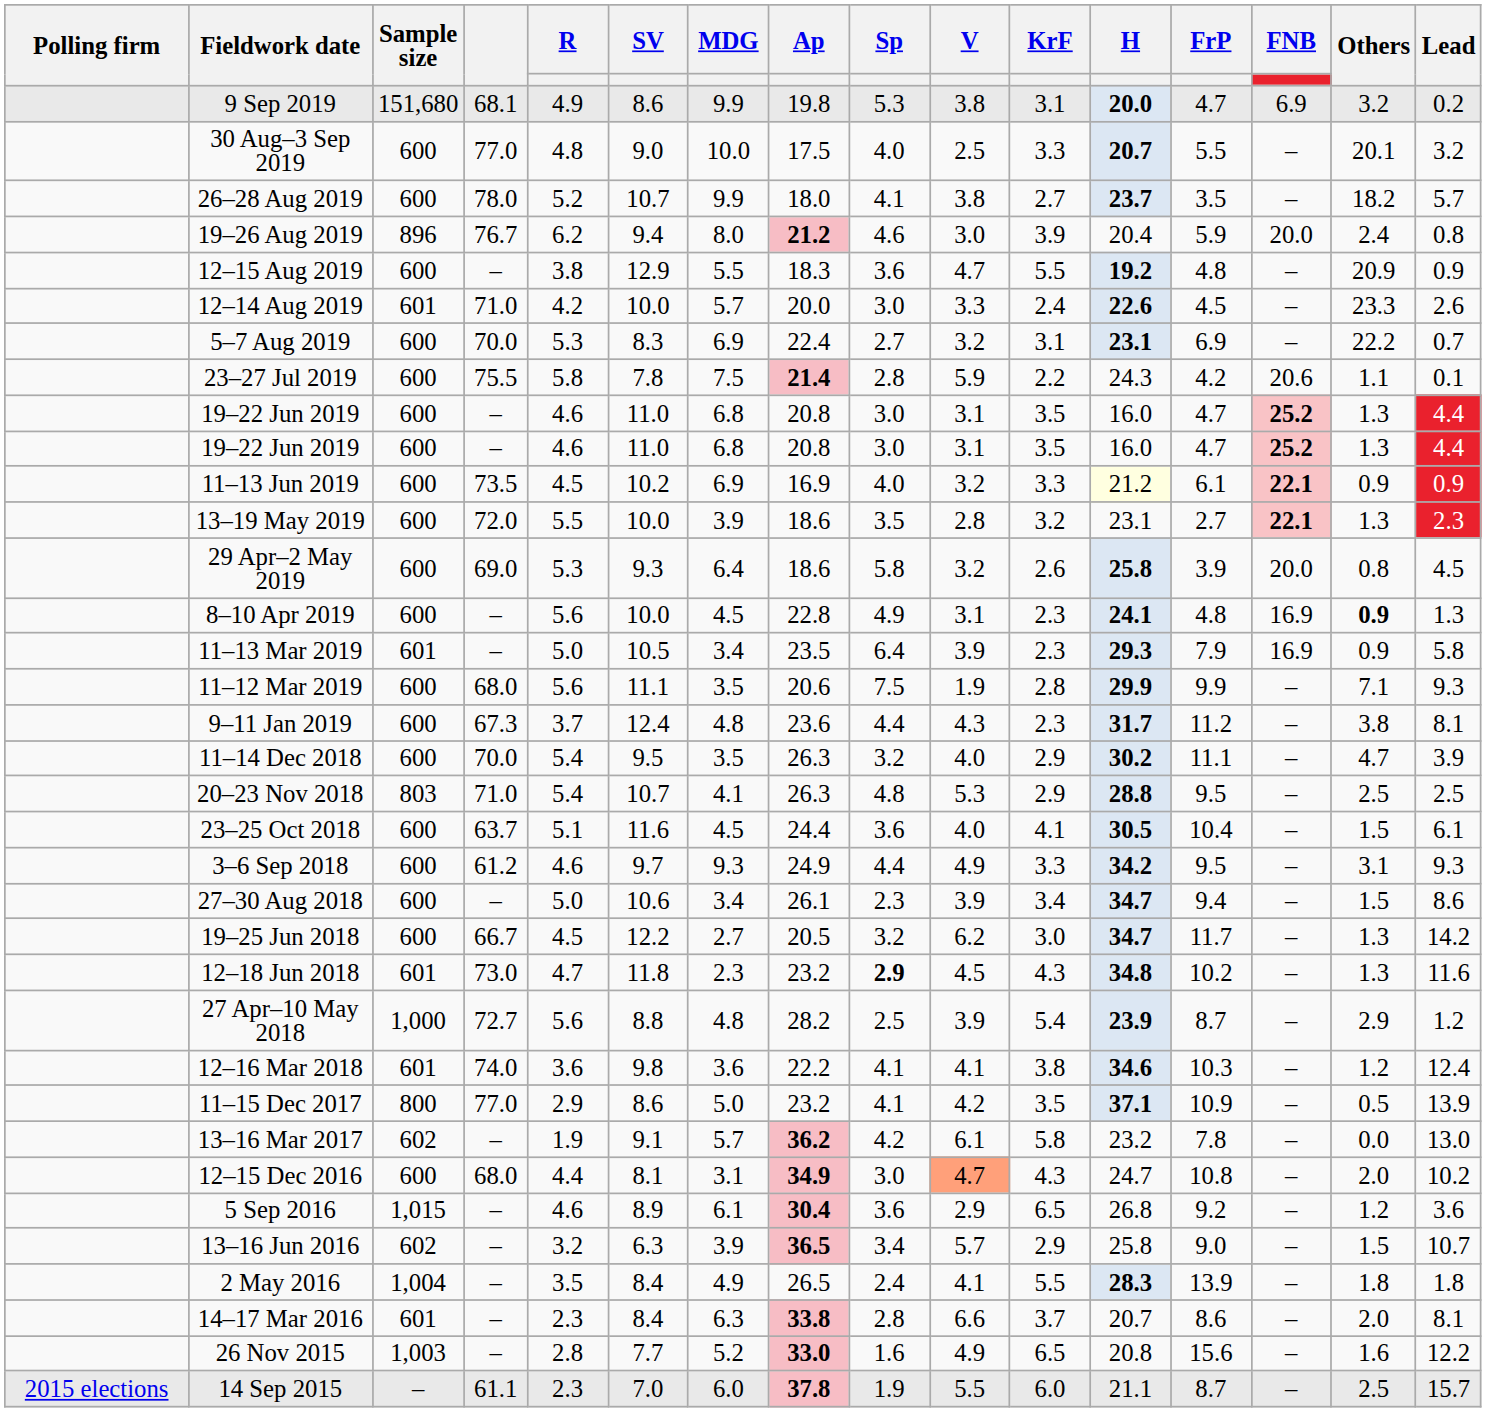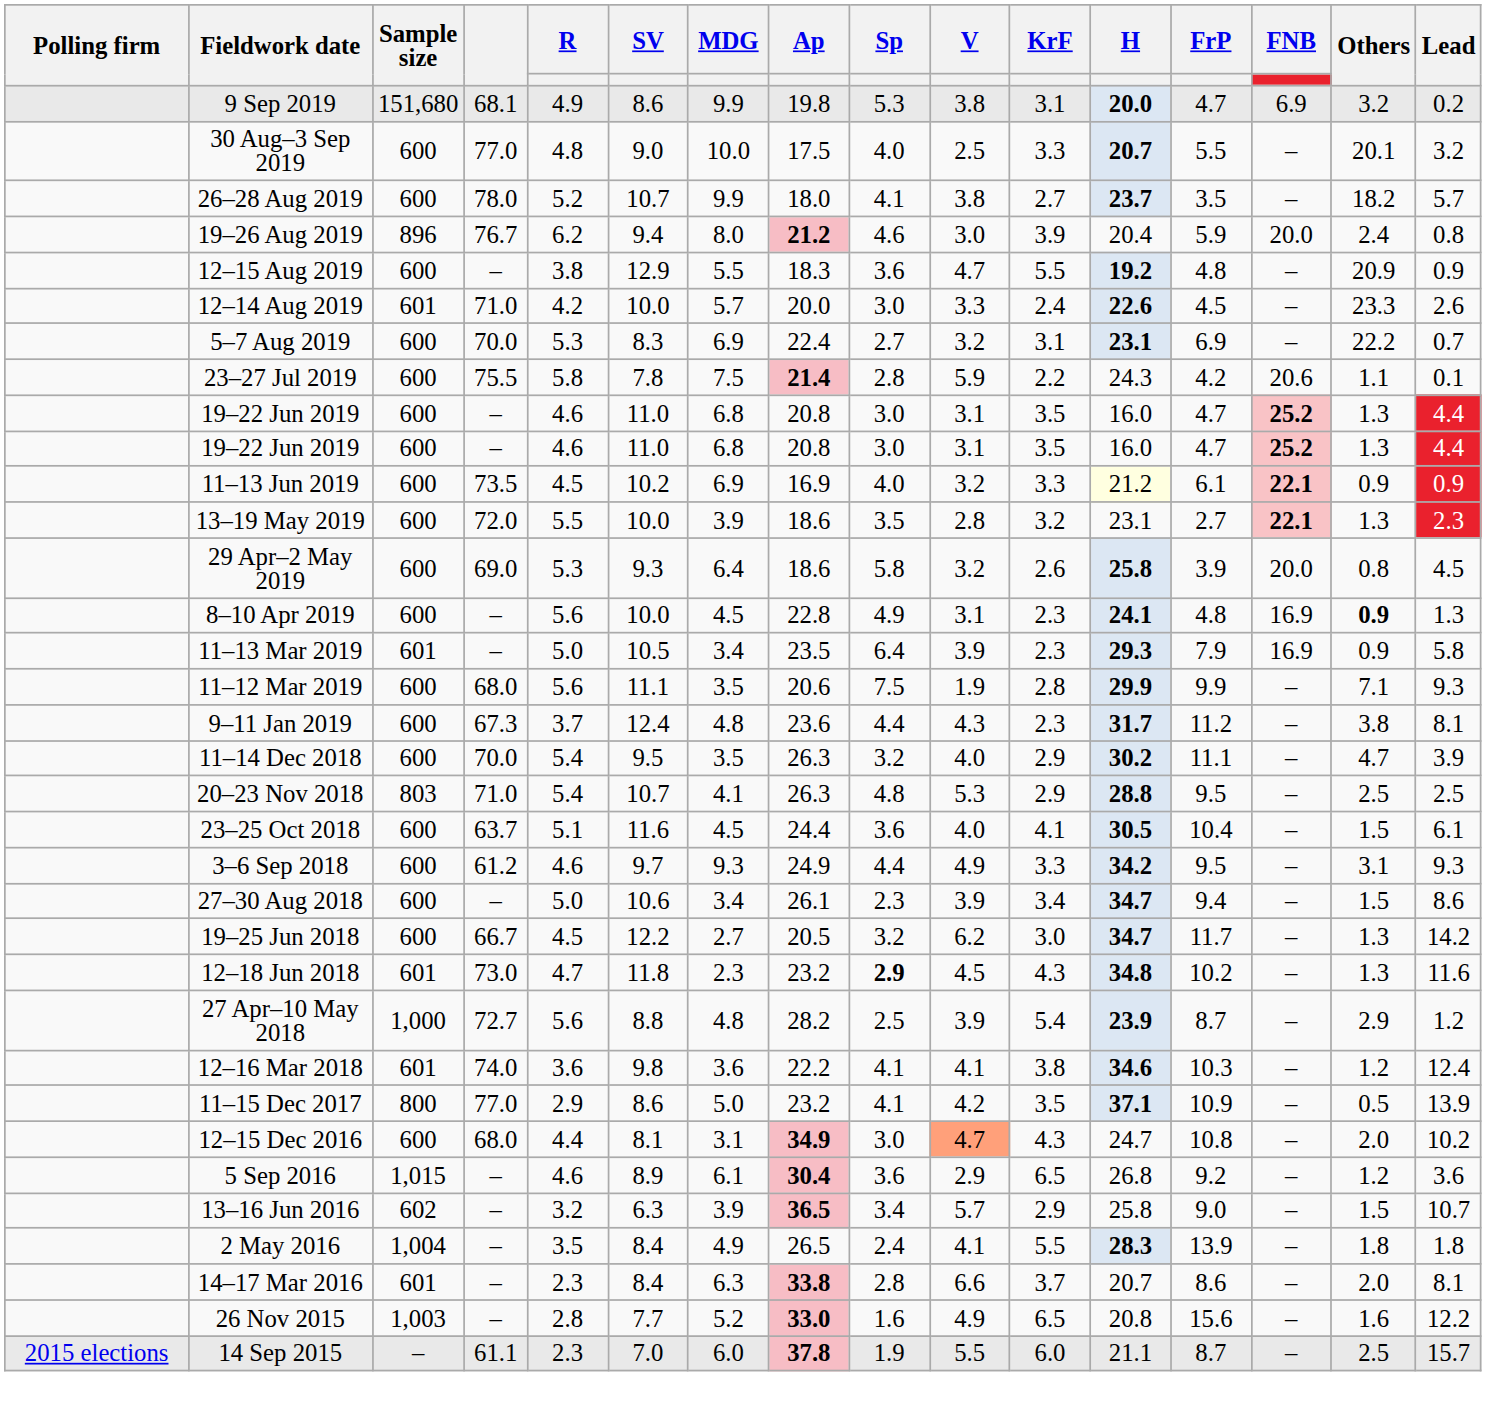 <table class="wikitable sortable" style="text-align:center;font-size:90%;line-height:14px;">
 <tr style="height:40px;">
 <th style="width:100px;" rowspan="2">Polling firm</th>
 <th style="width:100px;" rowspan="2">Fieldwork date</th>
 <th style="width:35px;" rowspan="2">Sample<br>size</th>
 <th style="width:30px;" rowspan="2"></th>
 <th class="unsortable" style="width:40px;"><a href='#'>R</a></th>
 <th class="unsortable" style="width:40px;"><a href='#'>SV</a></th>
 <th class="unsortable" style="width:40px;"><a href='#'>MDG</a></th>
 <th class="unsortable" style="width:40px;"><a href='#'>Ap</a></th>
 <th class="unsortable" style="width:40px;"><a href='#'>Sp</a></th>
 <th class="unsortable" style="width:40px;"><a href='#'>V</a></th>
 <th class="unsortable" style="width:40px;"><a href='#'>KrF</a></th>
 <th class="unsortable" style="width:40px;"><a href='#'>H</a></th>
 <th class="unsortable" style="width:40px;"><a href='#'>FrP</a></th>
 <th class="unsortable" style="width:40px;"><a href='#'>FNB</a></th>
 <th class="unsortable" style="width:30px;" rowspan="2">Others</th>
 <th style="width:30px;" rowspan="2">Lead</th>
 </tr>
 <tr>
 <th style="background:"></th>
 <th style="background:"></th>
 <th style="background:"></th>
 <th style="background:"></th>
 <th style="background:"></th>
 <th style="background:"></th>
 <th style="background:"></th>
 <th style="background:"></th>
 <th style="background:"></th>
 <th style="background:#EA212D;"></th>
 </tr>
 <tr style="background:#E9E9E9;">
 <td></td>
 <td data-sort-value="2015-09-09">9 Sep 2019</td>
 <td>151,680</td>
 <td>68.1</td>
 <td>4.9</td>
 <td>8.6</td>
 <td>9.9</td>
 <td>19.8</td>
 <td>5.3</td>
 <td>3.8</td>
 <td>3.1</td>
 <td style="background:#DCE7F3;"><strong>20.0</strong></td>
 <td>4.7</td>
 <td>6.9</td>
 <td>3.2</td>
 <td style="background:">0.2</td>
 </tr>
 <tr>
 <td></td>
 <td data-sort-value="2019-09-04">30 Aug–3 Sep 2019</td>
 <td>600</td>
 <td>77.0</td>
 <td>4.8</td>
 <td>9.0</td>
 <td>10.0</td>
 <td>17.5</td>
 <td>4.0</td>
 <td>2.5</td>
 <td>3.3</td>
 <td style="background:#DCE7F3;"><strong>20.7</strong></td>
 <td>5.5</td>
 <td>–</td>
 <td>20.1</td>
 <td style="background:">3.2</td>
 </tr>
 <tr>
 <td></td>
 <td data-sort-value="2019-08-29">26–28 Aug 2019</td>
 <td>600</td>
 <td>78.0</td>
 <td>5.2</td>
 <td>10.7</td>
 <td>9.9</td>
 <td>18.0</td>
 <td>4.1</td>
 <td>3.8</td>
 <td>2.7</td>
 <td style="background:#DCE7F3;"><strong>23.7</strong></td>
 <td>3.5</td>
 <td>–</td>
 <td>18.2</td>
 <td style="background:">5.7</td>
 </tr>
 <tr>
 <td></td>
 <td data-sort-value="2019-08-27">19–26 Aug 2019</td>
 <td>896</td>
 <td>76.7</td>
 <td>6.2</td>
 <td>9.4</td>
 <td>8.0</td>
 <td style="background:#F7BDC5;"><strong>21.2</strong></td>
 <td>4.6</td>
 <td>3.0</td>
 <td>3.9</td>
 <td>20.4</td>
 <td>5.9</td>
 <td>20.0</td>
 <td>2.4</td>
 <td style="background:">0.8</td>
 </tr>
 <tr>
 <td></td>
 <td data-sort-value="2019-08-21">12–15 Aug 2019</td>
 <td>600</td>
 <td>–</td>
 <td>3.8</td>
 <td>12.9</td>
 <td>5.5</td>
 <td>18.3</td>
 <td>3.6</td>
 <td>4.7</td>
 <td>5.5</td>
 <td style="background:#DCE7F3;"><strong>19.2</strong></td>
 <td>4.8</td>
 <td>–</td>
 <td>20.9</td>
 <td style="background:">0.9</td>
 </tr>
 <tr>
 <td></td>
 <td data-sort-value="2019-08-15">12–14 Aug 2019</td>
 <td>601</td>
 <td>71.0</td>
 <td>4.2</td>
 <td>10.0</td>
 <td>5.7</td>
 <td>20.0</td>
 <td>3.0</td>
 <td>3.3</td>
 <td>2.4</td>
 <td style="background:#DCE7F3;"><strong>22.6</strong></td>
 <td>4.5</td>
 <td>–</td>
 <td>23.3</td>
 <td style="background:">2.6</td>
 </tr>
 <tr>
 <td></td>
 <td data-sort-value="2019-08-08">5–7 Aug 2019</td>
 <td>600</td>
 <td>70.0</td>
 <td>5.3</td>
 <td>8.3</td>
 <td>6.9</td>
 <td>22.4</td>
 <td>2.7</td>
 <td>3.2</td>
 <td>3.1</td>
 <td style="background:#DCE7F3;"><strong>23.1</strong></td>
 <td>6.9</td>
 <td>–</td>
 <td>22.2</td>
 <td style="background:">0.7</td>
 </tr>
 <tr>
 <td></td>
 <td data-sort-value="2019-07-31">23–27 Jul 2019</td>
 <td>600</td>
 <td>75.5</td>
 <td>5.8</td>
 <td>7.8</td>
 <td>7.5</td>
 <td style="background:#F7BDC5;"><strong>21.4</strong></td>
 <td>2.8</td>
 <td>5.9</td>
 <td>2.2</td>
 <td>24.3</td>
 <td>4.2</td>
 <td>20.6</td>
 <td>1.1</td>
 <td style="background:">0.1</td>
 </tr>
 <tr>
 <td></td>
 <td data-sort-value="2019-06-22">19–22 Jun 2019</td>
 <td>600</td>
 <td>–</td>
 <td>4.6</td>
 <td>11.0</td>
 <td>6.8</td>
 <td>20.8</td>
 <td>3.0</td>
 <td>3.1</td>
 <td>3.5</td>
 <td>16.0</td>
 <td>4.7</td>
 <td style="background:#F9C3C6;"><strong>25.2</strong></td>
 <td>1.3</td>
 <td style="background:#EA212D;color:#FFFFFF;" data-sort-value="-4.4">4.4</td>
 </tr>
 <tr>
 <td></td>
 <td data-sort-value="2019-06-22">19–22 Jun 2019</td>
 <td>600</td>
 <td>–</td>
 <td>4.6</td>
 <td>11.0</td>
 <td>6.8</td>
 <td>20.8</td>
 <td>3.0</td>
 <td>3.1</td>
 <td>3.5</td>
 <td>16.0</td>
 <td>4.7</td>
 <td style="background:#F9C3C6;"><strong>25.2</strong></td>
 <td>1.3</td>
 <td style="background:#EA212D;color:#FFFFFF;" data-sort-value="-4.4">4.4</td>
 </tr>
 <tr>
 <td></td>
 <td data-sort-value="2019-06-13">11–13 Jun 2019</td>
 <td>600</td>
 <td>73.5</td>
 <td>4.5</td>
 <td>10.2</td>
 <td>6.9</td>
 <td>16.9</td>
 <td>4.0</td>
 <td>3.2</td>
 <td>3.3</td>
 <td style="background: lightyellow;">21.2</td>
 <td>6.1</td>
 <td style="background:#F9C3C6;"><strong>22.1</strong></td>
 <td>0.9</td>
 <td style="background:#EA212D;color:#FFFFFF;" data-sort-value="-0.9">0.9</td>
 </tr>
 <tr>
 <td></td>
 <td data-sort-value="2019-05-19">13–19 May 2019</td>
 <td>600</td>
 <td>72.0</td>
 <td>5.5</td>
 <td>10.0</td>
 <td>3.9</td>
 <td>18.6</td>
 <td>3.5</td>
 <td>2.8</td>
 <td>3.2</td>
 <td>23.1</td>
 <td>2.7</td>
 <td style="background:#F9C3C6;"><strong>22.1</strong></td>
 <td>1.3</td>
 <td style="background:#EA212D;color:#FFFFFF;" data-sort-value="-2.3">2.3</td>
 </tr>
 <tr>
 <td></td>
 <td data-sort-value="2019-05-02">29 Apr–2 May 2019</td>
 <td>600</td>
 <td>69.0</td>
 <td>5.3</td>
 <td>9.3</td>
 <td>6.4</td>
 <td>18.6</td>
 <td>5.8</td>
 <td>3.2</td>
 <td>2.6</td>
 <td style="background:#DCE7F3;"><strong>25.8</strong></td>
 <td>3.9</td>
 <td>20.0</td>
 <td>0.8</td>
 <td style="background:">4.5</td>
 </tr>
 <tr>
 <td></td>
 <td data-sort-value="2019-04-10">8–10 Apr 2019</td>
 <td>600</td>
 <td>–</td>
 <td>5.6</td>
 <td>10.0</td>
 <td>4.5</td>
 <td>22.8</td>
 <td>4.9</td>
 <td>3.1</td>
 <td>2.3</td>
 <td style="background:#DCE7F3;"><strong>24.1</strong></td>
 <td>4.8</td>
 <td>16.9</td>
 <td><strong>0.9</strong></td>
 <td style="background:">1.3</td>
 </tr>
 <tr>
 <td></td>
 <td data-sort-value="2019-03-13">11–13 Mar 2019</td>
 <td>601</td>
 <td>–</td>
 <td>5.0</td>
 <td>10.5</td>
 <td>3.4</td>
 <td>23.5</td>
 <td>6.4</td>
 <td>3.9</td>
 <td>2.3</td>
 <td style="background:#DCE7F3;"><strong>29.3</strong></td>
 <td>7.9</td>
 <td>16.9</td>
 <td>0.9</td>
 <td style="background:">5.8</td>
 </tr>
 <tr>
 <td></td>
 <td data-sort-value="2019-03-12">11–12 Mar 2019</td>
 <td>600</td>
 <td>68.0</td>
 <td>5.6</td>
 <td>11.1</td>
 <td>3.5</td>
 <td>20.6</td>
 <td>7.5</td>
 <td>1.9</td>
 <td>2.8</td>
 <td style="background:#DCE7F3;"><strong>29.9</strong></td>
 <td>9.9</td>
 <td>–</td>
 <td>7.1</td>
 <td style="background:">9.3</td>
 </tr>
 <tr>
 <td></td>
 <td data-sort-value="2019-01-11">9–11 Jan 2019</td>
 <td>600</td>
 <td>67.3</td>
 <td>3.7</td>
 <td>12.4</td>
 <td>4.8</td>
 <td>23.6</td>
 <td>4.4</td>
 <td>4.3</td>
 <td>2.3</td>
 <td style="background:#DCE7F3;"><strong>31.7</strong></td>
 <td>11.2</td>
 <td>–</td>
 <td>3.8</td>
 <td style="background:">8.1</td>
 </tr>
 <tr>
 <td></td>
 <td data-sort-value="2018-12-14">11–14 Dec 2018</td>
 <td>600</td>
 <td>70.0</td>
 <td>5.4</td>
 <td>9.5</td>
 <td>3.5</td>
 <td>26.3</td>
 <td>3.2</td>
 <td>4.0</td>
 <td>2.9</td>
 <td style="background:#DCE7F3;"><strong>30.2</strong></td>
 <td>11.1</td>
 <td>–</td>
 <td>4.7</td>
 <td style="background:">3.9</td>
 </tr>
 <tr>
 <td></td>
 <td data-sort-value="2018-11-23">20–23 Nov 2018</td>
 <td>803</td>
 <td>71.0</td>
 <td>5.4</td>
 <td>10.7</td>
 <td>4.1</td>
 <td>26.3</td>
 <td>4.8</td>
 <td>5.3</td>
 <td>2.9</td>
 <td style="background:#DCE7F3;"><strong>28.8</strong></td>
 <td>9.5</td>
 <td>–</td>
 <td>2.5</td>
 <td style="background:">2.5</td>
 </tr>
 <tr>
 <td></td>
 <td data-sort-value="2018-10-25">23–25 Oct 2018</td>
 <td>600</td>
 <td>63.7</td>
 <td>5.1</td>
 <td>11.6</td>
 <td>4.5</td>
 <td>24.4</td>
 <td>3.6</td>
 <td>4.0</td>
 <td>4.1</td>
 <td style="background:#DCE7F3;"><strong>30.5</strong></td>
 <td>10.4</td>
 <td>–</td>
 <td>1.5</td>
 <td style="background:">6.1</td>
 </tr>
 <tr>
 <td></td>
 <td data-sort-value="2018-09-06">3–6 Sep 2018</td>
 <td>600</td>
 <td>61.2</td>
 <td>4.6</td>
 <td>9.7</td>
 <td>9.3</td>
 <td>24.9</td>
 <td>4.4</td>
 <td>4.9</td>
 <td>3.3</td>
 <td style="background:#DCE7F3;"><strong>34.2</strong></td>
 <td>9.5</td>
 <td>–</td>
 <td>3.1</td>
 <td style="background:">9.3</td>
 </tr>
 <tr>
 <td></td>
 <td data-sort-value="2018-08-30">27–30 Aug 2018</td>
 <td>600</td>
 <td>–</td>
 <td>5.0</td>
 <td>10.6</td>
 <td>3.4</td>
 <td>26.1</td>
 <td>2.3</td>
 <td>3.9</td>
 <td>3.4</td>
 <td style="background:#DCE7F3;"><strong>34.7</strong></td>
 <td>9.4</td>
 <td>–</td>
 <td>1.5</td>
 <td style="background:">8.6</td>
 </tr>
 <tr>
 <td></td>
 <td data-sort-value="2018-06-25">19–25 Jun 2018</td>
 <td>600</td>
 <td>66.7</td>
 <td>4.5</td>
 <td>12.2</td>
 <td>2.7</td>
 <td>20.5</td>
 <td>3.2</td>
 <td>6.2</td>
 <td>3.0</td>
 <td style="background:#DCE7F3;"><strong>34.7</strong></td>
 <td>11.7</td>
 <td>–</td>
 <td>1.3</td>
 <td style="background:">14.2</td>
 </tr>
 <tr>
 <td></td>
 <td data-sort-value="2018-06-18">12–18 Jun 2018</td>
 <td>601</td>
 <td>73.0</td>
 <td>4.7</td>
 <td>11.8</td>
 <td>2.3</td>
 <td>23.2</td>
 <td><strong>2.9</strong></td>
 <td>4.5</td>
 <td>4.3</td>
 <td style="background:#DCE7F3;"><strong>34.8</strong></td>
 <td>10.2</td>
 <td>–</td>
 <td>1.3</td>
 <td style="background:">11.6</td>
 </tr>
 <tr>
 <td></td>
 <td data-sort-value="2018-05-10">27 Apr–10 May 2018</td>
 <td>1,000</td>
 <td>72.7</td>
 <td>5.6</td>
 <td>8.8</td>
 <td>4.8</td>
 <td>28.2</td>
 <td>2.5</td>
 <td>3.9</td>
 <td>5.4</td>
 <td style="background:#DCE7F3;"><strong>23.9</strong></td>
 <td>8.7</td>
 <td>–</td>
 <td>2.9</td>
 <td style="background:">1.2</td>
 </tr>
 <tr>
 <td></td>
 <td data-sort-value="2018-03-16">12–16 Mar 2018</td>
 <td>601</td>
 <td>74.0</td>
 <td>3.6</td>
 <td>9.8</td>
 <td>3.6</td>
 <td>22.2</td>
 <td>4.1</td>
 <td>4.1</td>
 <td>3.8</td>
 <td style="background:#DCE7F3;"><strong>34.6</strong></td>
 <td>10.3</td>
 <td>–</td>
 <td>1.2</td>
 <td style="background:">12.4</td>
 </tr>
 <tr>
 <td></td>
 <td data-sort-value="2017-12-15">11–15 Dec 2017</td>
 <td>800</td>
 <td>77.0</td>
 <td>2.9</td>
 <td>8.6</td>
 <td>5.0</td>
 <td>23.2</td>
 <td>4.1</td>
 <td>4.2</td>
 <td>3.5</td>
 <td style="background:#DCE7F3;"><strong>37.1</strong></td>
 <td>10.9</td>
 <td>–</td>
 <td>0.5</td>
 <td style="background:">13.9</td>
 </tr>
 <tr>
 <td></td>
-<td data-sort-value="2017-03-16">13–16 Mar 2017</td>
-<td>602</td>
-<td>–</td>
-<td>1.9</td>
-<td>9.1</td>
-<td>5.7</td>
-<td style="background:#F7BDC5;"><strong>36.2</strong></td>
-<td>4.2</td>
-<td>6.1</td>
-<td>5.8</td>
-<td>23.2</td>
-<td>7.8</td>
-<td>–</td>
-<td>0.0</td>
-<td style="background:">13.0</td>
-</tr>
-<tr>
-<td></td>
 <td data-sort-value="2016-12-15">12–15 Dec 2016</td>
 <td>600</td>
 <td>68.0</td>
 <td>4.4</td>
 <td>8.1</td>
 <td>3.1</td>
 <td style="background:#F7BDC5;"><strong>34.9</strong></td>
 <td>3.0</td>
 <td style="background: lightsalmon;">4.7</td>
 <td>4.3</td>
 <td>24.7</td>
 <td>10.8</td>
 <td>–</td>
 <td>2.0</td>
 <td style="background:">10.2</td>
 </tr>
 <tr>
 <td></td>
 <td data-sort-value="2016-09-05">5 Sep 2016</td>
 <td>1,015</td>
 <td>–</td>
 <td>4.6</td>
 <td>8.9</td>
 <td>6.1</td>
 <td style="background:#F7BDC5;"><strong>30.4</strong></td>
 <td>3.6</td>
 <td>2.9</td>
 <td>6.5</td>
 <td>26.8</td>
 <td>9.2</td>
 <td>–</td>
 <td>1.2</td>
 <td style="background:">3.6</td>
 </tr>
 <tr>
 <td></td>
 <td data-sort-value="2016-06-16">13–16 Jun 2016</td>
 <td>602</td>
 <td>–</td>
 <td>3.2</td>
 <td>6.3</td>
 <td>3.9</td>
 <td style="background:#F7BDC5;"><strong>36.5</strong></td>
 <td>3.4</td>
 <td>5.7</td>
 <td>2.9</td>
 <td>25.8</td>
 <td>9.0</td>
 <td>–</td>
 <td>1.5</td>
 <td style="background:">10.7</td>
 </tr>
 <tr>
 <td></td>
 <td data-sort-value="2016-05-02">2 May 2016</td>
 <td>1,004</td>
 <td>–</td>
 <td>3.5</td>
 <td>8.4</td>
 <td>4.9</td>
 <td>26.5</td>
 <td>2.4</td>
 <td>4.1</td>
 <td>5.5</td>
 <td style="background:#DCE7F3;"><strong>28.3</strong></td>
 <td>13.9</td>
 <td>–</td>
 <td>1.8</td>
 <td style="background:">1.8</td>
 </tr>
 <tr>
 <td></td>
 <td data-sort-value="2016-03-17">14–17 Mar 2016</td>
 <td>601</td>
 <td>–</td>
 <td>2.3</td>
 <td>8.4</td>
 <td>6.3</td>
 <td style="background:#F7BDC5;"><strong>33.8</strong></td>
 <td>2.8</td>
 <td>6.6</td>
 <td>3.7</td>
 <td>20.7</td>
 <td>8.6</td>
 <td>–</td>
 <td>2.0</td>
 <td style="background:">8.1</td>
 </tr>
 <tr>
 <td></td>
 <td data-sort-value="2015-11-26">26 Nov 2015</td>
 <td>1,003</td>
 <td>–</td>
 <td>2.8</td>
 <td>7.7</td>
 <td>5.2</td>
 <td style="background:#F7BDC5;"><strong>33.0</strong></td>
 <td>1.6</td>
 <td>4.9</td>
 <td>6.5</td>
 <td>20.8</td>
 <td>15.6</td>
 <td>–</td>
 <td>1.6</td>
 <td style="background:">12.2</td>
 </tr>
 <tr style="background:#E9E9E9;">
 <td><a href='#'>2015 elections</a></td>
 <td data-sort-value="2015-09-14">14 Sep 2015</td>
 <td>–</td>
 <td>61.1</td>
 <td>2.3</td>
 <td>7.0</td>
 <td>6.0</td>
 <td style="background:#F7BDC5;"><strong>37.8</strong></td>
 <td>1.9</td>
 <td>5.5</td>
 <td>6.0</td>
 <td>21.1</td>
 <td>8.7</td>
 <td>–</td>
 <td>2.5</td>
 <td style="background:">15.7</td>
 </tr>
 </table>
